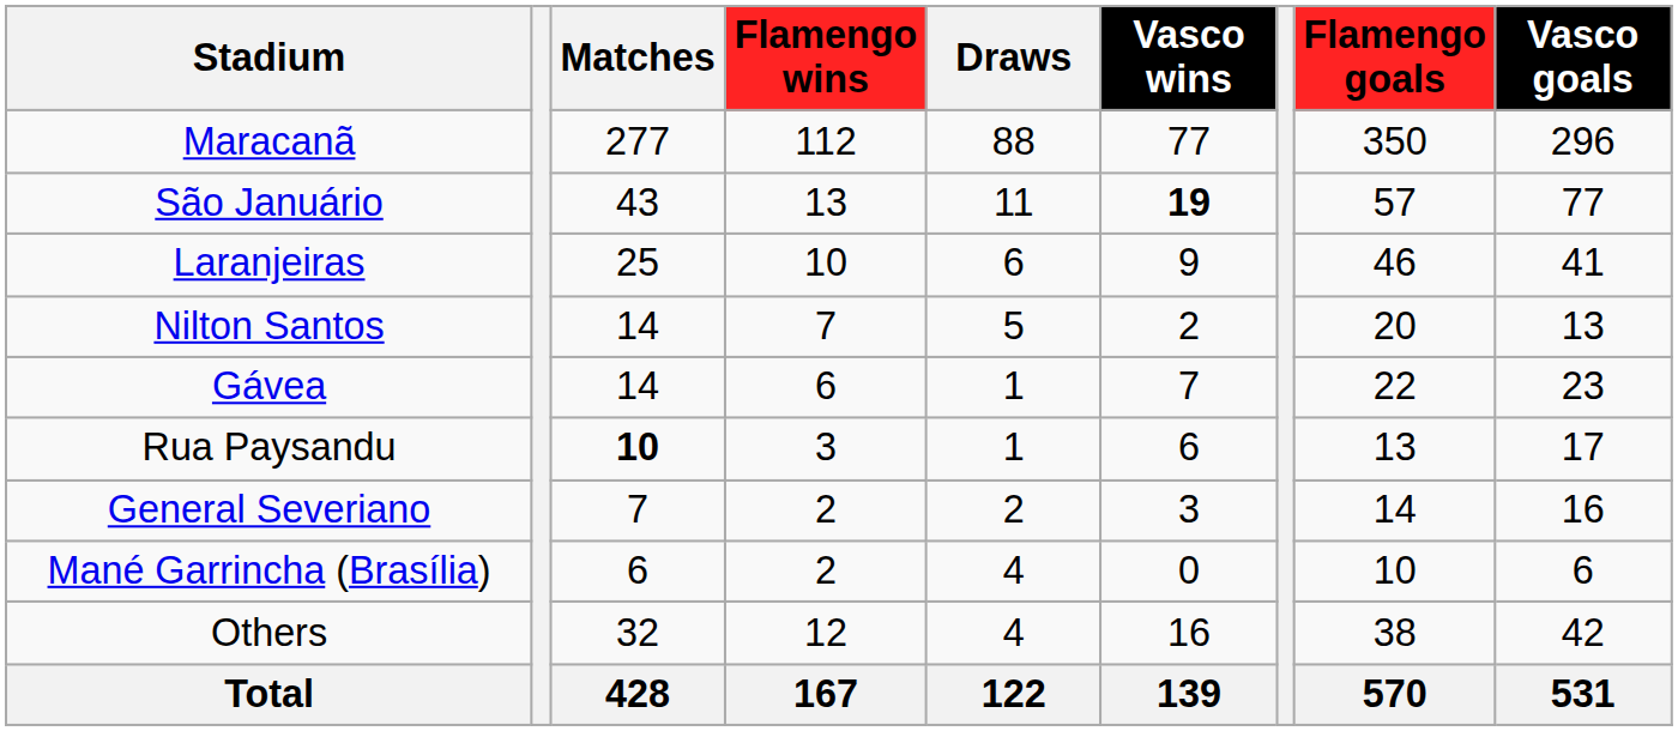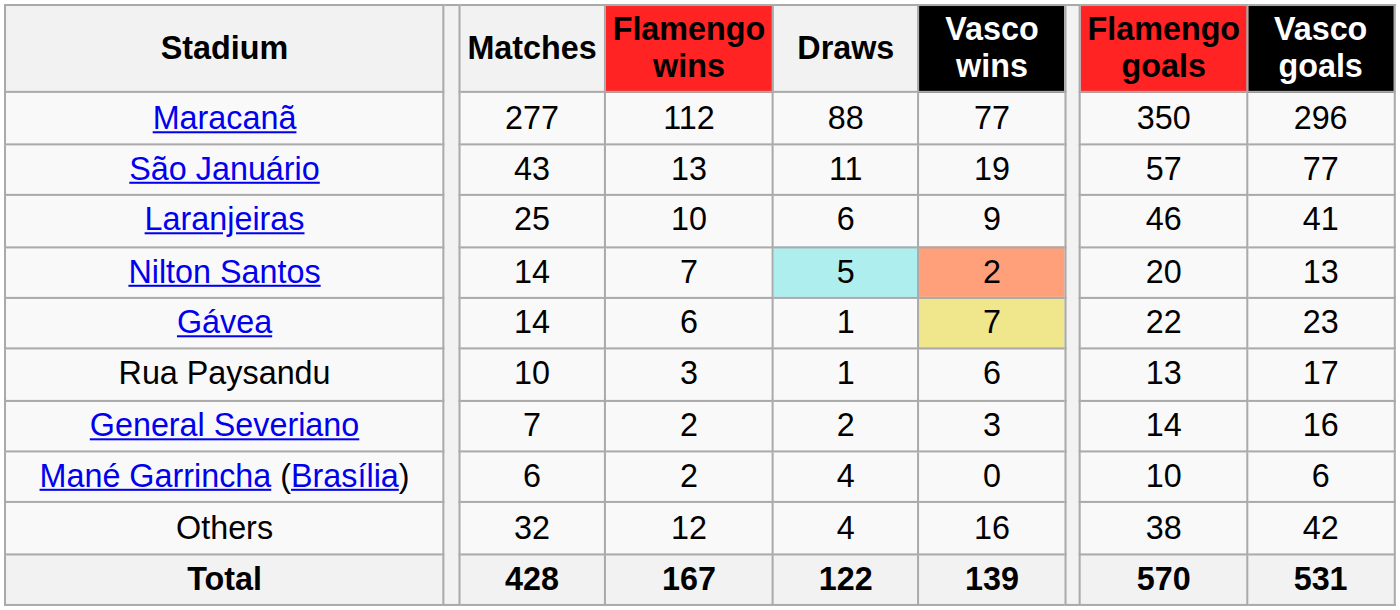 <table class="wikitable" style="text-align: center;">
 <tr>
 <th width="210">Stadium</th>
 <th rowspan="11"></th>
 <th width="65">Matches</th>
 <th width="65" style="background:#ff2323">Flamengo<br>wins</th>
 <th width="65">Draws</th>
 <th width="65" style="background:#000000; color:#ffffff">Vasco<br>wins</th>
 <th rowspan="11"></th>
 <th width="65" style="background:#ff2323">Flamengo<br>goals</th>
 <th width="65" style="background:#000000; color:#ffffff">Vasco<br>goals</th>
 </tr>
 <tr>
 <td><a href='#'>Maracanã</a></td>
 <td>277</td>
 <td>112</td>
 <td>88</td>
 <td>77</td>
 <td>350</td>
 <td>296</td>
 </tr>
 <tr>
 <td><a href='#'>São Januário</a></td>
 <td>43</td>
 <td>13</td>
 <td>11</td>
-<td><strong>19</strong></td>
+<td>19</td>
 <td>57</td>
 <td>77</td>
 </tr>
 <tr>
 <td><a href='#'>Laranjeiras</a></td>
 <td>25</td>
 <td>10</td>
 <td>6</td>
 <td>9</td>
 <td>46</td>
 <td>41</td>
 </tr>
 <tr>
 <td><a href='#'>Nilton Santos</a></td>
 <td>14</td>
 <td>7</td>
-<td>5</td>
-<td>2</td>
+<td style="background: paleturquoise;">5</td>
+<td style="background: lightsalmon;">2</td>
 <td>20</td>
 <td>13</td>
 </tr>
 <tr>
 <td><a href='#'>Gávea</a></td>
 <td>14</td>
 <td>6</td>
 <td>1</td>
-<td>7</td>
+<td style="background: khaki;">7</td>
 <td>22</td>
 <td>23</td>
 </tr>
 <tr>
 <td>Rua Paysandu</td>
-<td><strong>10</strong></td>
+<td>10</td>
 <td>3</td>
 <td>1</td>
 <td>6</td>
 <td>13</td>
 <td>17</td>
 </tr>
 <tr>
 <td><a href='#'>General Severiano</a></td>
 <td>7</td>
 <td>2</td>
 <td>2</td>
 <td>3</td>
 <td>14</td>
 <td>16</td>
 </tr>
 <tr>
 <td><a href='#'>Mané Garrincha</a> (<a href='#'>Brasília</a>)</td>
 <td>6</td>
 <td>2</td>
 <td>4</td>
 <td>0</td>
 <td>10</td>
 <td>6</td>
 </tr>
 <tr>
 <td>Others</td>
 <td>32</td>
 <td>12</td>
 <td>4</td>
 <td>16</td>
 <td>38</td>
 <td>42</td>
 </tr>
 <tr>
 <th>Total</th>
 <th>428</th>
 <th>167</th>
 <th>122</th>
 <th>139</th>
 <th>570</th>
 <th>531</th>
 </tr>
 </table>
